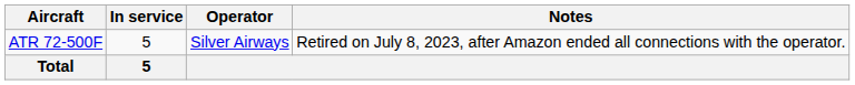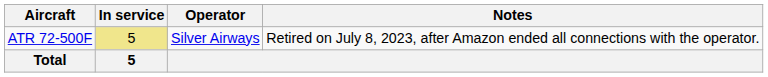 <table class="wikitable" style="border-collapse:collapse; text-align: center">
 <tr>
 <th>Aircraft</th>
 <th>In service</th>
 <th>Operator</th>
 <th>Notes</th>
 </tr>
 <tr>
 <td><a href='#'>ATR 72-500F</a></td>
-<td>5</td>
+<td style="background: khaki;">5</td>
 <td><a href='#'>Silver Airways</a></td>
 <td>Retired on July 8, 2023, after Amazon ended all connections with the operator.</td>
 </tr>
 <tr>
 <th>Total</th>
 <th>5</th>
 <th colspan="2"></th>
 </tr>
 </table>
